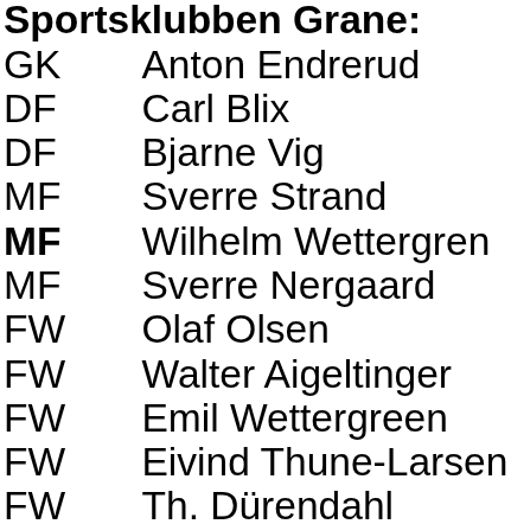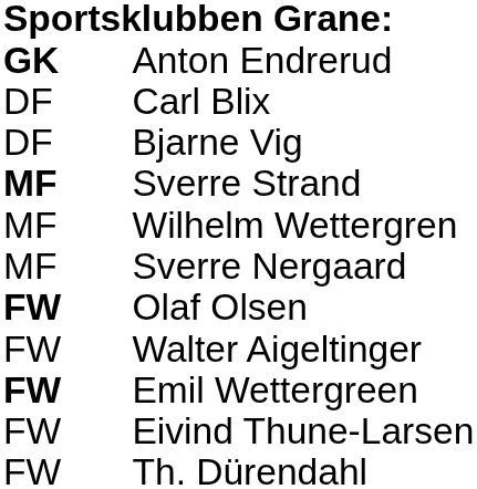 <table style=font-size:90% cellspacing=0 cellpadding=0>
 <tr>
 <td colspan="4"><strong>Sportsklubben Grane:</strong></td>
 </tr>
 <tr>
 <th width=25></th>
 <th width=25></th>
 </tr>
 <tr>
-<td>GK</td>
+<td><strong>GK</strong></td>
 <td></td>
 <td>Anton Endrerud</td>
 </tr>
 <tr>
 <td>DF</td>
 <td></td>
 <td>Carl Blix</td>
 </tr>
 <tr>
 <td>DF</td>
 <td></td>
 <td>Bjarne Vig</td>
 </tr>
 <tr>
-<td>MF</td>
+<td><strong>MF</strong></td>
 <td></td>
 <td>Sverre Strand</td>
 </tr>
 <tr>
-<td><strong>MF</strong></td>
+<td>MF</td>
 <td></td>
 <td>Wilhelm Wettergren</td>
 </tr>
 <tr>
 <td>MF</td>
 <td></td>
 <td>Sverre Nergaard</td>
 </tr>
 <tr>
-<td>FW</td>
+<td><strong>FW</strong></td>
 <td></td>
 <td>Olaf Olsen</td>
 </tr>
 <tr>
 <td>FW</td>
 <td></td>
 <td>Walter Aigeltinger</td>
 </tr>
 <tr>
-<td>FW</td>
+<td><strong>FW</strong></td>
 <td></td>
 <td>Emil Wettergreen</td>
 </tr>
 <tr>
 <td>FW</td>
 <td></td>
 <td>Eivind Thune-Larsen</td>
 </tr>
 <tr>
 <td>FW</td>
 <td></td>
 <td>Th. Dürendahl</td>
 </tr>
 </table>
